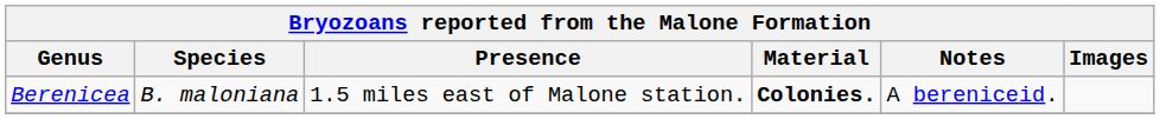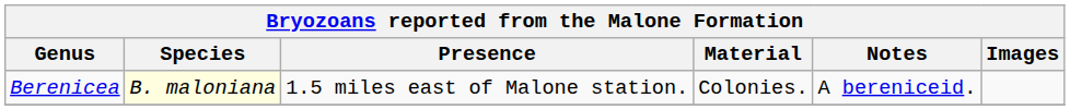 <table class="wikitable" align="center">
 <tr>
 <th colspan="6" align="center"><strong><a href='#'>Bryozoans</a> reported from the Malone Formation</strong></th>
 </tr>
 <tr>
 <th>Genus</th>
 <th>Species</th>
 <th>Presence</th>
 <th><strong>Material</strong></th>
 <th>Notes</th>
 <th>Images</th>
 </tr>
 <tr>
 <td><em><a href='#'>Berenicea</a></em></td>
-<td><em>B. maloniana</em></td>
+<td style="background: lightyellow;"><em>B. maloniana</em></td>
 <td>1.5 miles east of Malone station.</td>
-<td><strong>Colonies.</strong></td>
+<td>Colonies.</td>
 <td>A <a href='#'>bereniceid</a>.</td>
 <td></td>
 </tr>
 <tr>
 </tr>
 </table>
